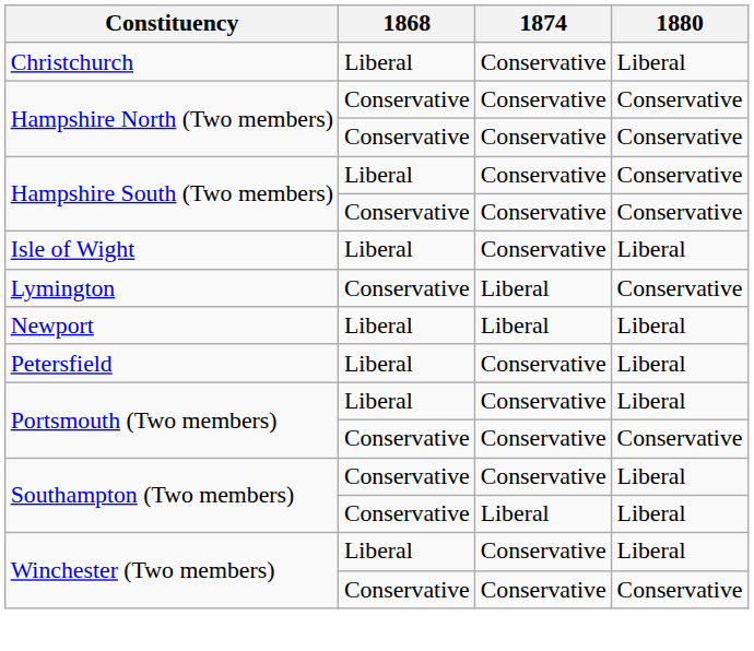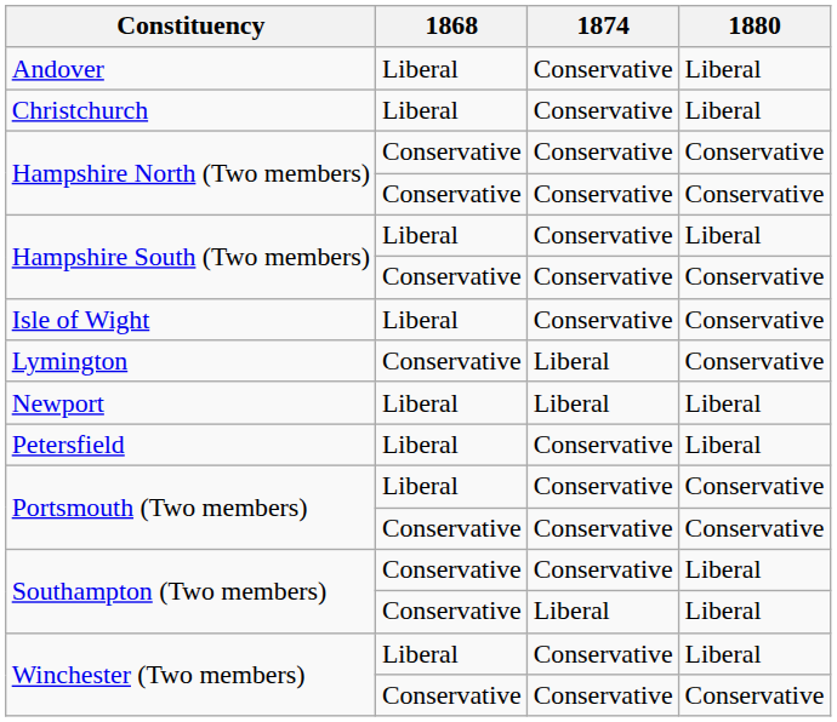 <table class="wikitable">
 <tr>
 <th>Constituency</th>
 <th>1868</th>
 <th>1874</th>
 <th>1880</th>
+</tr>
+<tr>
+<td><a href='#'>Andover</a></td>
+<td>Liberal</td>
+<td>Conservative</td>
+<td>Liberal</td>
 </tr>
 <tr>
 <td><a href='#'>Christchurch</a></td>
 <td>Liberal</td>
 <td>Conservative</td>
 <td>Liberal</td>
 </tr>
 <tr>
 <td rowspan="2"><a href='#'>Hampshire North</a> (Two members)</td>
 <td>Conservative</td>
 <td>Conservative</td>
 <td>Conservative</td>
 </tr>
 <tr>
 <td>Conservative</td>
 <td>Conservative</td>
 <td>Conservative</td>
 </tr>
 <tr>
 <td rowspan="2"><a href='#'>Hampshire South</a> (Two members)</td>
 <td>Liberal</td>
 <td>Conservative</td>
-<td>Conservative</td>
+<td>Liberal</td>
 </tr>
 <tr>
 <td>Conservative</td>
 <td>Conservative</td>
 <td>Conservative</td>
 </tr>
 <tr>
 <td><a href='#'>Isle of Wight</a></td>
 <td>Liberal</td>
 <td>Conservative</td>
-<td>Liberal</td>
+<td>Conservative</td>
 </tr>
 <tr>
 <td><a href='#'>Lymington</a></td>
 <td>Conservative</td>
 <td>Liberal</td>
 <td>Conservative</td>
 </tr>
 <tr>
 <td><a href='#'>Newport</a></td>
 <td>Liberal</td>
 <td>Liberal</td>
 <td>Liberal</td>
 </tr>
 <tr>
 <td><a href='#'>Petersfield</a></td>
 <td>Liberal</td>
 <td>Conservative</td>
 <td>Liberal</td>
 </tr>
 <tr>
 <td rowspan="2"><a href='#'>Portsmouth</a> (Two members)</td>
 <td>Liberal</td>
 <td>Conservative</td>
-<td>Liberal</td>
+<td>Conservative</td>
 </tr>
 <tr>
 <td>Conservative</td>
 <td>Conservative</td>
 <td>Conservative</td>
 </tr>
 <tr>
 <td rowspan="2"><a href='#'>Southampton</a> (Two members)</td>
 <td>Conservative</td>
 <td>Conservative</td>
 <td>Liberal</td>
 </tr>
 <tr>
 <td>Conservative</td>
 <td>Liberal</td>
 <td>Liberal</td>
 </tr>
 <tr>
 <td rowspan="2"><a href='#'>Winchester</a> (Two members)</td>
 <td>Liberal</td>
 <td>Conservative</td>
 <td>Liberal</td>
 </tr>
 <tr>
 <td>Conservative</td>
 <td>Conservative</td>
 <td>Conservative</td>
 </tr>
 </table>
